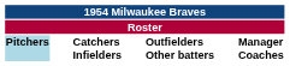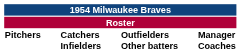 <table class="toccolours" style="font-size: 95%;">
 <tr>
 <th colspan="10" style="background-color: #0f437c; color: white; text-align: center;">1954 Milwaukee Braves</th>
 </tr>
 <tr>
 <td colspan="10" style="background-color: #af0039; color: white; text-align: center;"><strong>Roster</strong></td>
 </tr>
 <tr>
-<td valign="top" style="background: lightblue;"><strong>Pitchers</strong><br>            </td>
+<td valign="top"><strong>Pitchers</strong><br>            </td>
 <td width="25px"></td>
 <td valign="top"><strong>Catchers</strong><br>   <strong>Infielders</strong>        </td>
 <td width="25px"></td>
 <td valign="top"><strong>Outfielders</strong><br>      <strong>Other batters</strong> </td>
 <td width="25px"></td>
 <td valign="top"><strong>Manager</strong><br> <strong>Coaches</strong>    </td>
 </tr>
 </table>
